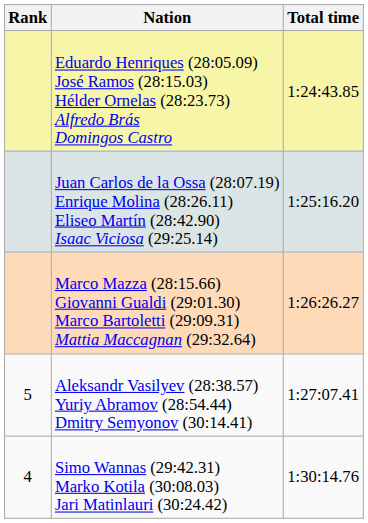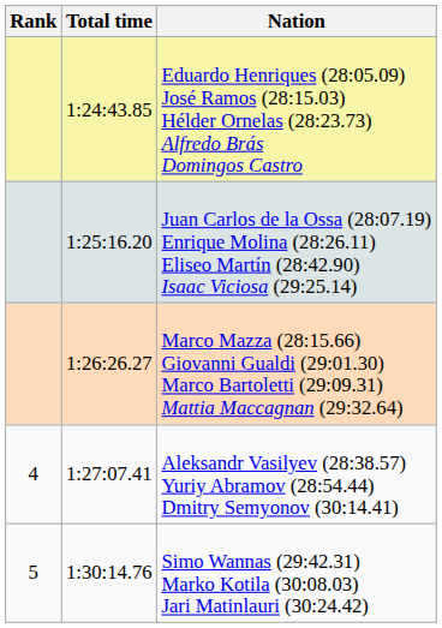 <table class = "wikitable" style = "text-align: center">
 <tr>
 <th>Rank</th>
+<th>Total time</th>
 <th>Nation</th>
-<th>Total time</th>
 </tr>
 <tr bgcolor = f7f6a8>
 <td></td>
+<td>1:24:43.85</td>
 <td align = "left"><br><a href='#'>Eduardo Henriques</a> (28:05.09)<br><a href='#'>José Ramos</a> (28:15.03)<br><a href='#'>Hélder Ornelas</a> (28:23.73)<br><em><a href='#'>Alfredo Brás</a></em> <br><em><a href='#'>Domingos Castro</a></em> </td>
-<td>1:24:43.85</td>
 </tr>
 <tr bgcolor = dce5e5>
 <td></td>
+<td>1:25:16.20</td>
 <td align = "left"><br><a href='#'>Juan Carlos de la Ossa</a> (28:07.19)<br><a href='#'>Enrique Molina</a> (28:26.11)<br><a href='#'>Eliseo Martín</a> (28:42.90)<br><em><a href='#'>Isaac Viciosa</a></em> (29:25.14)</td>
-<td>1:25:16.20</td>
 </tr>
 <tr bgcolor = ffdab9>
 <td></td>
+<td>1:26:26.27</td>
 <td align = "left"><br><a href='#'>Marco Mazza</a> (28:15.66)<br><a href='#'>Giovanni Gualdi</a> (29:01.30)<br><a href='#'>Marco Bartoletti</a> (29:09.31)<br><em><a href='#'>Mattia Maccagnan</a></em> (29:32.64)</td>
-<td>1:26:26.27</td>
+</tr>
+<tr>
+<td>4</td>
+<td>1:27:07.41</td>
+<td align = "left"><br><a href='#'>Aleksandr Vasilyev</a> (28:38.57)<br><a href='#'>Yuriy Abramov</a> (28:54.44)<br><a href='#'>Dmitry Semyonov</a> (30:14.41)</td>
 </tr>
 <tr>
 <td>5</td>
-<td align = "left"><br><a href='#'>Aleksandr Vasilyev</a> (28:38.57)<br><a href='#'>Yuriy Abramov</a> (28:54.44)<br><a href='#'>Dmitry Semyonov</a> (30:14.41)</td>
-<td>1:27:07.41</td>
-</tr>
-<tr>
-<td>4</td>
+<td>1:30:14.76</td>
 <td align = "left"><br><a href='#'>Simo Wannas</a> (29:42.31)<br><a href='#'>Marko Kotila</a> (30:08.03)<br><a href='#'>Jari Matinlauri</a> (30:24.42)</td>
-<td>1:30:14.76</td>
 </tr>
 </table>
